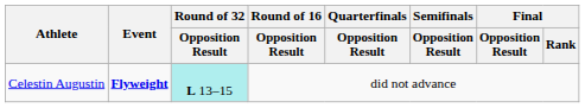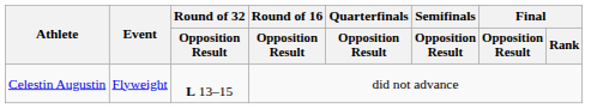 <table class="wikitable" style="font-size:90%">
 <tr>
 <th rowspan="2">Athlete</th>
 <th rowspan="2">Event</th>
 <th>Round of 32</th>
 <th>Round of 16</th>
 <th>Quarterfinals</th>
 <th>Semifinals</th>
 <th colspan=2>Final</th>
 </tr>
 <tr style="font-size:95%">
 <th>Opposition<br>Result</th>
 <th>Opposition<br>Result</th>
 <th>Opposition<br>Result</th>
 <th>Opposition<br>Result</th>
 <th>Opposition<br>Result</th>
 <th>Rank</th>
 </tr>
 <tr align=center>
 <td align=left><a href='#'>Celestin Augustin</a></td>
-<td align=left><strong><a href='#'>Flyweight</a></strong></td>
-<td style="background: paleturquoise;"><br><strong>L</strong> 13–15</td>
+<td align=left><a href='#'>Flyweight</a></td>
+<td><br><strong>L</strong> 13–15</td>
 <td colspan=5>did not advance</td>
 </tr>
 </table>
